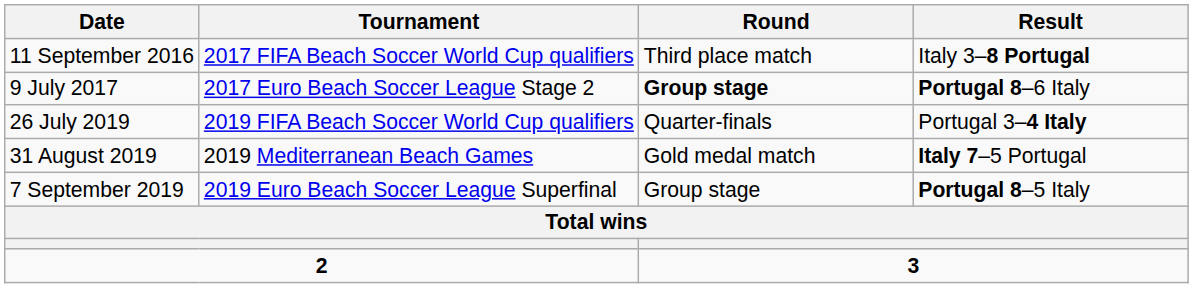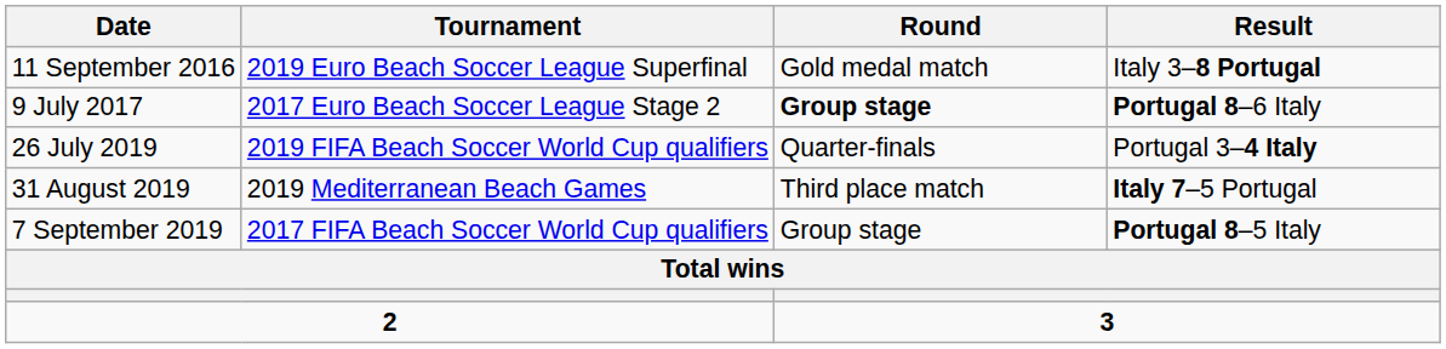 <table class="wikitable" style=font-size:90%>
 <tr>
 <th>Date</th>
 <th>Tournament</th>
 <th width=180>Round</th>
 <th width=180>Result</th>
 </tr>
 <tr>
 <td>11 September 2016</td>
-<td><a href='#'>2017 FIFA Beach Soccer World Cup qualifiers</a></td>
-<td>Third place match</td>
+<td><a href='#'>2019 Euro Beach Soccer League</a> Superfinal</td>
+<td>Gold medal match</td>
 <td>Italy 3–<strong>8 Portugal</strong></td>
 </tr>
 <tr>
 <td>9 July 2017</td>
 <td><a href='#'>2017 Euro Beach Soccer League</a> Stage 2</td>
 <td><strong>Group stage</strong></td>
 <td><strong>Portugal 8</strong>–6 Italy</td>
 </tr>
 <tr>
 <td>26 July 2019</td>
 <td><a href='#'>2019 FIFA Beach Soccer World Cup qualifiers</a></td>
 <td>Quarter-finals</td>
 <td>Portugal 3–<strong>4 Italy</strong></td>
 </tr>
 <tr>
 <td>31 August 2019</td>
 <td>2019 <a href='#'>Mediterranean Beach Games</a></td>
-<td>Gold medal match</td>
+<td>Third place match</td>
 <td><strong>Italy 7</strong>–5 Portugal</td>
 </tr>
 <tr>
 <td>7 September 2019</td>
-<td><a href='#'>2019 Euro Beach Soccer League</a> Superfinal</td>
+<td><a href='#'>2017 FIFA Beach Soccer World Cup qualifiers</a></td>
 <td>Group stage</td>
 <td><strong>Portugal 8</strong>–5 Italy</td>
 </tr>
 <tr>
 <th colspan=4>Total wins</th>
 </tr>
 <tr>
 <th colspan=2></th>
 <th colspan=2></th>
 </tr>
 <tr>
 <td colspan=2 align=center><strong>2</strong></td>
 <td align=center colspan=2><strong>3</strong></td>
 </tr>
 </table>
